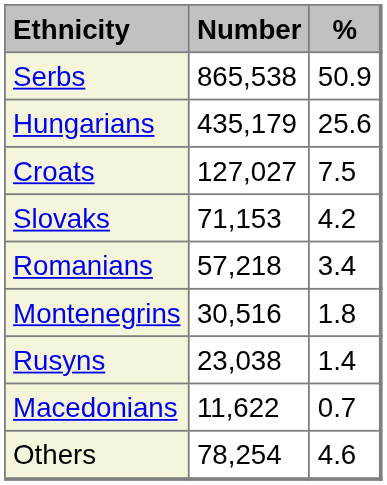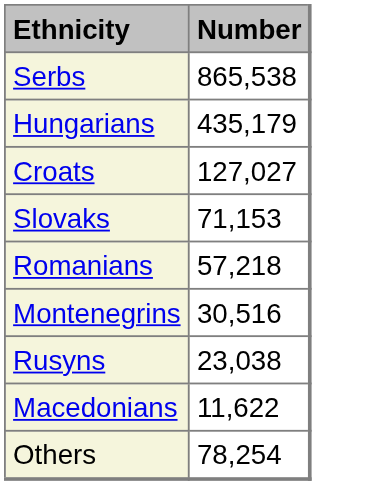 <table border=1 cellpadding=4 cellspacing=0 class="toccolours" style="align: left; margin: 0.5em 0 0 0; border-style: solid; border: 1px solid #7f7f7f; border-right-width: 2px; border-bottom-width: 2px; border-collapse: collapse; font-size: 95%;">
 <tr>
 <td style="background:#c1c1c1;"><strong>Ethnicity</strong></td>
 <td colspan=1 style="background:#c1c1c1;" align="center"><strong>Number</strong></td>
-<td colspan=1 style="background:#c1c1c1;" align="center"><strong>%</strong></td>
 </tr>
 <tr>
 <td style="background:#F5F5DC;"><a href='#'>Serbs</a></td>
 <td>865,538</td>
-<td>50.9</td>
 </tr>
 <tr>
 <td style="background:#F5F5DC;"><a href='#'>Hungarians</a></td>
 <td>435,179</td>
-<td>25.6</td>
 </tr>
 <tr>
 <td style="background:#F5F5DC;"><a href='#'>Croats</a></td>
 <td>127,027</td>
-<td>7.5</td>
 </tr>
 <tr>
 <td style="background:#F5F5DC;"><a href='#'>Slovaks</a></td>
 <td>71,153</td>
-<td>4.2</td>
 </tr>
 <tr>
 <td style="background:#F5F5DC;"><a href='#'>Romanians</a></td>
 <td>57,218</td>
-<td>3.4</td>
 </tr>
 <tr>
 <td style="background:#F5F5DC;"><a href='#'>Montenegrins</a></td>
 <td>30,516</td>
-<td>1.8</td>
 </tr>
 <tr>
 <td style="background:#F5F5DC;"><a href='#'>Rusyns</a></td>
 <td>23,038</td>
-<td>1.4</td>
 </tr>
 <tr>
 <td style="background:#F5F5DC;"><a href='#'>Macedonians</a></td>
 <td>11,622</td>
-<td>0.7</td>
 </tr>
 <tr>
 <td style="background:#F5F5DC;">Others</td>
 <td>78,254</td>
-<td>4.6</td>
 </tr>
 </table>
